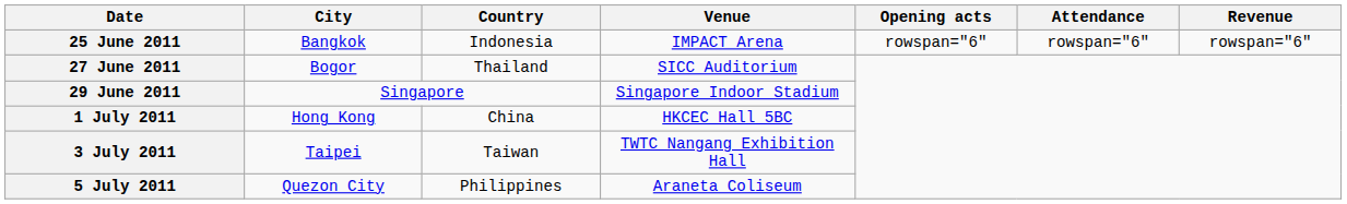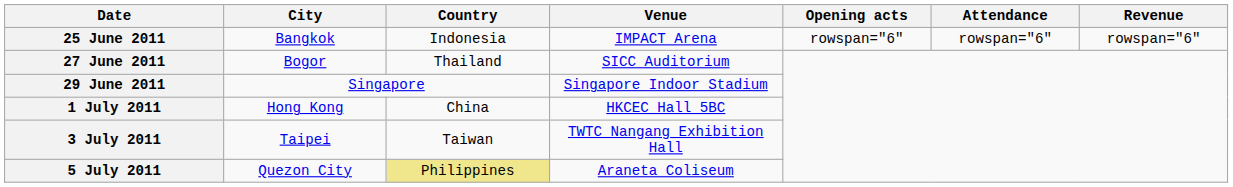 <table class="wikitable plainrowheaders" style="text-align:center;">
 <tr>
 <th scope="col" style="width:15em;">Date</th>
 <th scope="col" style="width:11em;">City</th>
 <th scope="col" style="width:11em;">Country</th>
 <th scope="col" style="width:16em;">Venue</th>
 <th scope="col" style="width:10em;">Opening acts</th>
 <th scope="col" style="width:10em;">Attendance</th>
 <th scope="col" style="width:10em;">Revenue</th>
 </tr>
 <tr>
 <th scope="row">25 June 2011</th>
 <td><a href='#'>Bangkok</a></td>
 <td>Indonesia</td>
 <td><a href='#'>IMPACT Arena</a></td>
 <td>rowspan="6" </td>
 <td>rowspan="6" </td>
 <td>rowspan="6" </td>
 </tr>
 <tr>
 <th scope="row">27 June 2011</th>
 <td><a href='#'>Bogor</a></td>
 <td>Thailand</td>
 <td><a href='#'>SICC Auditorium</a></td>
 </tr>
 <tr>
 <th scope="row">29 June 2011</th>
 <td colspan="2"><a href='#'>Singapore</a></td>
 <td><a href='#'>Singapore Indoor Stadium</a></td>
 </tr>
 <tr>
 <th scope="row">1 July 2011</th>
 <td><a href='#'>Hong Kong</a></td>
 <td>China</td>
 <td><a href='#'>HKCEC Hall 5BC</a></td>
 </tr>
 <tr>
 <th scope="row">3 July 2011</th>
 <td><a href='#'>Taipei</a></td>
 <td>Taiwan</td>
 <td><a href='#'>TWTC Nangang Exhibition Hall</a></td>
 </tr>
 <tr>
 <th scope="row">5 July 2011</th>
 <td><a href='#'>Quezon City</a></td>
-<td>Philippines</td>
+<td style="background: khaki;">Philippines</td>
 <td><a href='#'>Araneta Coliseum</a></td>
 </tr>
 </table>
